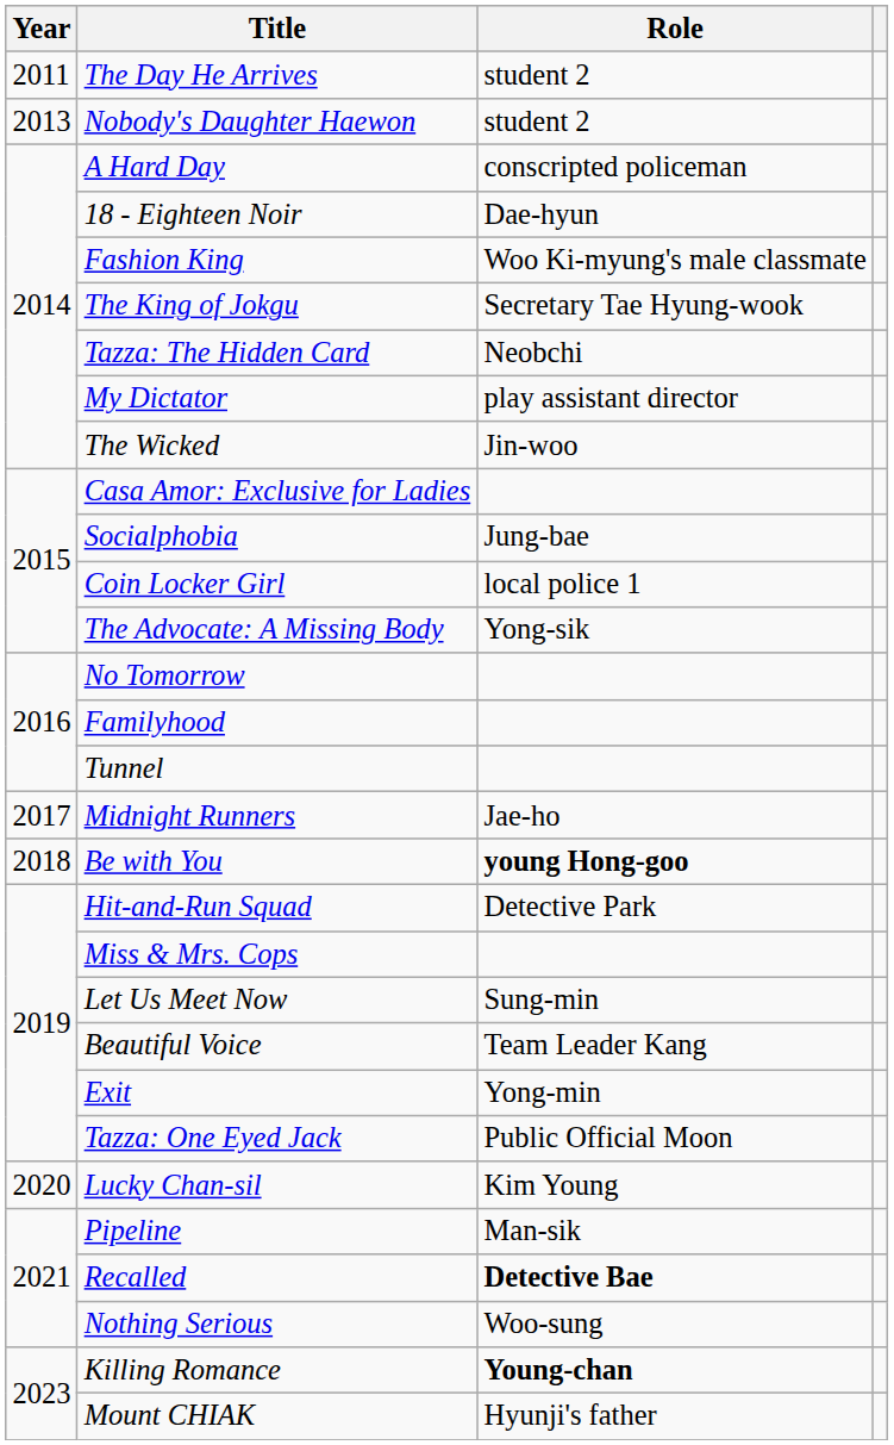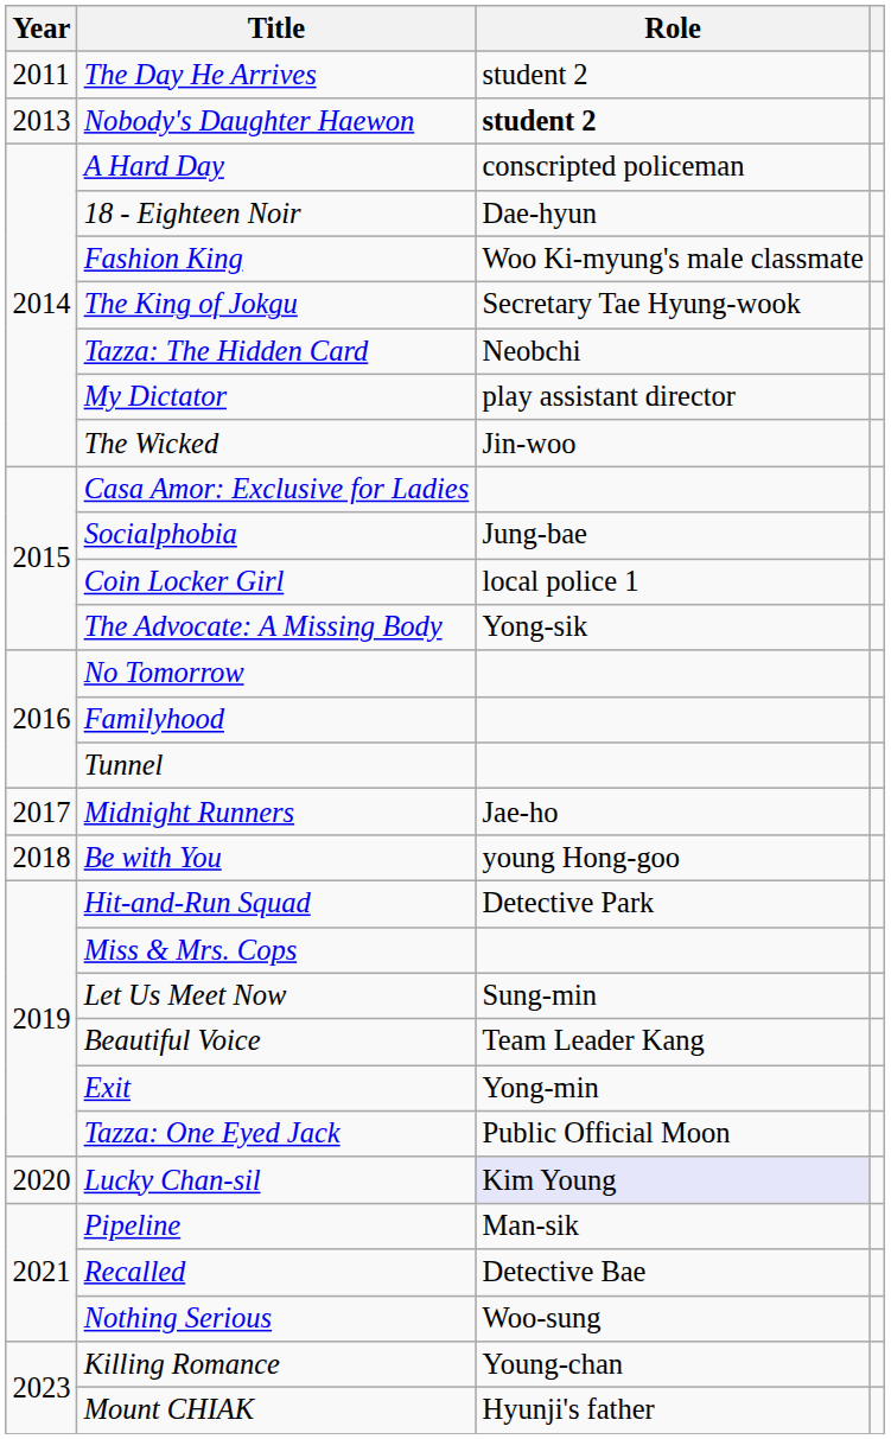 <table class="wikitable sortable plainrowheaders">
 <tr>
 <th>Year</th>
 <th>Title</th>
 <th>Role</th>
 <th></th>
 </tr>
 <tr>
 <td>2011</td>
 <td><em><a href='#'>The Day He Arrives</a></em></td>
 <td>student 2</td>
 <td></td>
 </tr>
 <tr>
 <td>2013</td>
 <td><em><a href='#'>Nobody's Daughter Haewon</a></em></td>
-<td>student 2</td>
+<td><strong>student 2</strong></td>
 <td></td>
 </tr>
 <tr>
 <td rowspan="7">2014</td>
 <td><em><a href='#'>A Hard Day</a></em></td>
 <td>conscripted policeman</td>
 <td></td>
 </tr>
 <tr>
 <td><em>18 - Eighteen Noir</em></td>
 <td>Dae-hyun</td>
 <td></td>
 </tr>
 <tr>
 <td><em><a href='#'>Fashion King</a></em></td>
 <td>Woo Ki-myung's male classmate</td>
 <td></td>
 </tr>
 <tr>
 <td><em><a href='#'>The King of Jokgu</a></em></td>
 <td>Secretary Tae Hyung-wook</td>
 <td></td>
 </tr>
 <tr>
 <td><em><a href='#'>Tazza: The Hidden Card</a></em></td>
 <td>Neobchi</td>
 <td></td>
 </tr>
 <tr>
 <td><em><a href='#'>My Dictator</a></em></td>
 <td>play assistant director</td>
 <td></td>
 </tr>
 <tr>
 <td><em>The Wicked</em></td>
 <td>Jin-woo</td>
 <td></td>
 </tr>
 <tr>
 <td rowspan="4">2015</td>
 <td><em><a href='#'>Casa Amor: Exclusive for Ladies</a></em></td>
 <td></td>
 <td></td>
 </tr>
 <tr>
 <td><em><a href='#'>Socialphobia</a></em></td>
 <td>Jung-bae</td>
 <td></td>
 </tr>
 <tr>
 <td><em><a href='#'>Coin Locker Girl</a></em></td>
 <td>local police 1</td>
 <td></td>
 </tr>
 <tr>
 <td><em><a href='#'>The Advocate: A Missing Body</a></em></td>
 <td>Yong-sik</td>
 <td></td>
 </tr>
 <tr>
 <td rowspan="3">2016</td>
 <td><em><a href='#'>No Tomorrow</a></em></td>
 <td></td>
 <td></td>
 </tr>
 <tr>
 <td><em><a href='#'>Familyhood</a></em></td>
 <td></td>
 <td></td>
 </tr>
 <tr>
 <td><em>Tunnel</em></td>
 <td></td>
 <td></td>
 </tr>
 <tr>
 <td>2017</td>
 <td><em><a href='#'>Midnight Runners</a></em></td>
 <td>Jae-ho</td>
 <td></td>
 </tr>
 <tr>
 <td>2018</td>
 <td><em><a href='#'>Be with You</a></em></td>
-<td><strong>young Hong-goo</strong></td>
+<td>young Hong-goo</td>
 <td></td>
 </tr>
 <tr>
 <td rowspan="6">2019</td>
 <td><em><a href='#'>Hit-and-Run Squad</a></em></td>
 <td>Detective Park</td>
 <td></td>
 </tr>
 <tr>
 <td><em><a href='#'>Miss & Mrs. Cops</a></em></td>
 <td></td>
 <td></td>
 </tr>
 <tr>
 <td><em>Let Us Meet Now</em></td>
 <td>Sung-min</td>
 <td></td>
 </tr>
 <tr>
 <td><em>Beautiful Voice</em></td>
 <td>Team Leader Kang</td>
 <td></td>
 </tr>
 <tr>
 <td><em><a href='#'>Exit</a></em></td>
 <td>Yong-min</td>
 <td></td>
 </tr>
 <tr>
 <td><em><a href='#'>Tazza: One Eyed Jack</a></em></td>
 <td>Public Official Moon</td>
 <td></td>
 </tr>
 <tr>
 <td>2020</td>
 <td><em><a href='#'>Lucky Chan-sil</a></em></td>
-<td>Kim Young</td>
+<td style="background: lavender;">Kim Young</td>
 <td></td>
 </tr>
 <tr>
 <td rowspan="3">2021</td>
 <td><em><a href='#'>Pipeline</a></em></td>
 <td>Man-sik</td>
 <td></td>
 </tr>
 <tr>
 <td><em><a href='#'>Recalled</a></em></td>
-<td><strong>Detective Bae</strong></td>
+<td>Detective Bae</td>
 <td></td>
 </tr>
 <tr>
 <td><em><a href='#'>Nothing Serious</a></em></td>
 <td>Woo-sung</td>
 <td></td>
 </tr>
 <tr>
 <td rowspan=2>2023</td>
 <td><em>Killing Romance</em></td>
-<td><strong>Young-chan</strong></td>
+<td>Young-chan</td>
 <td></td>
 </tr>
 <tr>
 <td><em>Mount CHIAK</em></td>
 <td>Hyunji's father</td>
 <td></td>
 </tr>
 </table>
